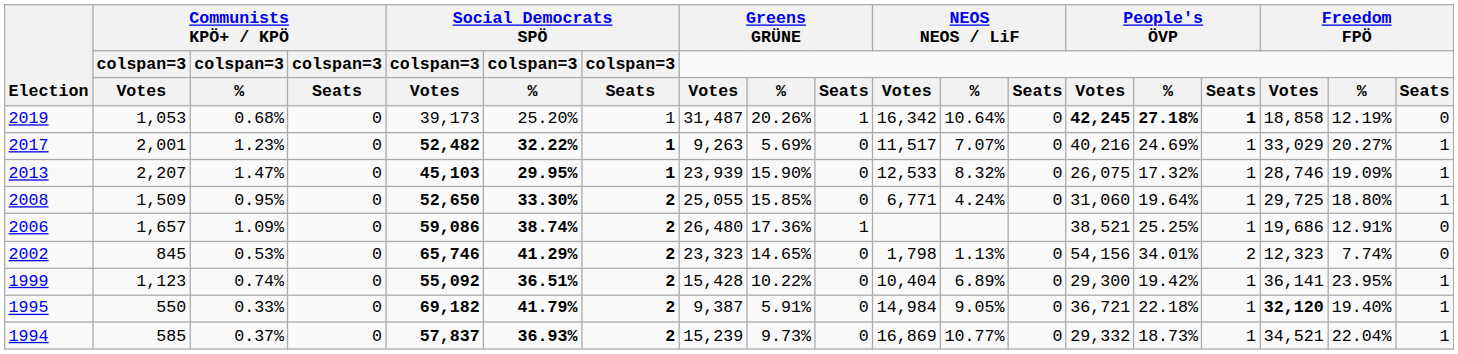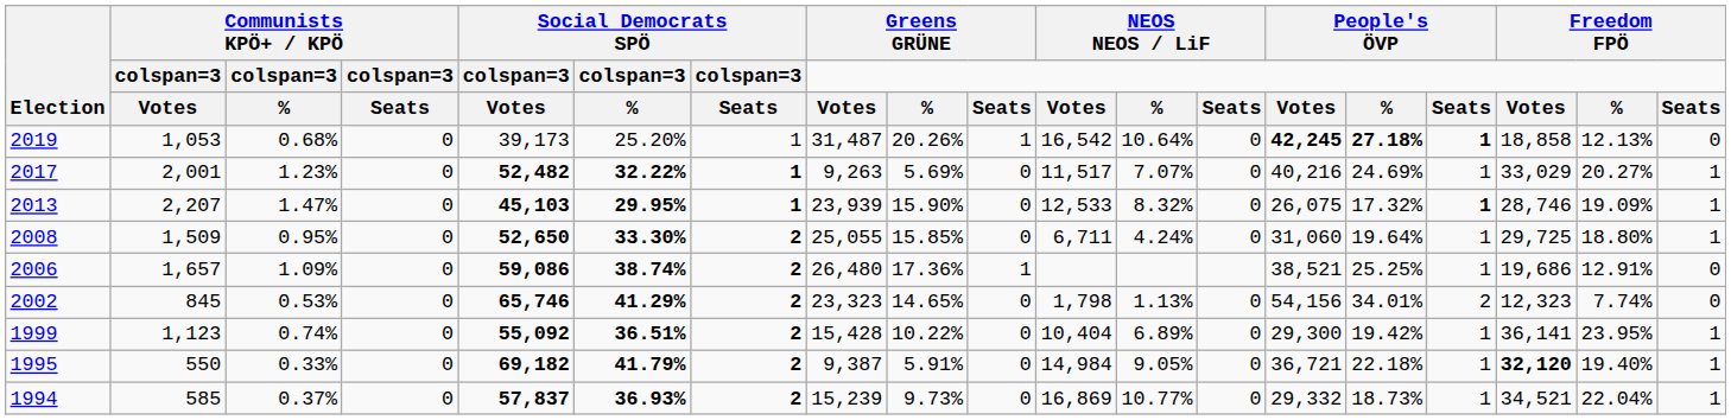 <table class="wikitable" border="1" style="font-size:100%; text-align:right;">
 <tr>
 <th style="text-align:left;" valign=bottom rowspan=3>Election</th>
 <th valign=bottom colspan=3><a href='#'>Communists</a><br>KPÖ+ / KPÖ</th>
 <th valign=bottom colspan=3><a href='#'>Social Democrats</a><br>SPÖ</th>
 <th valign=bottom colspan=3><a href='#'>Greens</a><br>GRÜNE</th>
 <th valign=bottom colspan=3><a href='#'>NEOS</a><br>NEOS / LiF</th>
 <th valign=bottom colspan=3><a href='#'>People's</a><br>ÖVP</th>
 <th valign=bottom colspan=3><a href='#'>Freedom</a><br>FPÖ</th>
 </tr>
 <tr>
 <th>colspan=3 </th>
 <th>colspan=3 </th>
 <th>colspan=3 </th>
 <th>colspan=3 </th>
 <th>colspan=3 </th>
 <th>colspan=3 </th>
 </tr>
 <tr>
 <th>Votes</th>
 <th>%</th>
 <th>Seats</th>
 <th>Votes</th>
 <th>%</th>
 <th>Seats</th>
 <th>Votes</th>
 <th>%</th>
 <th>Seats</th>
 <th>Votes</th>
 <th>%</th>
 <th>Seats</th>
 <th>Votes</th>
 <th>%</th>
 <th>Seats</th>
 <th>Votes</th>
 <th>%</th>
 <th>Seats</th>
 </tr>
 <tr>
 <td align=left><a href='#'>2019</a></td>
 <td>1,053</td>
 <td>0.68%</td>
 <td>0</td>
 <td>39,173</td>
 <td>25.20%</td>
 <td>1</td>
 <td>31,487</td>
 <td>20.26%</td>
 <td>1</td>
-<td>16,342</td>
+<td>16,542</td>
 <td>10.64%</td>
 <td>0</td>
 <td><strong>42,245</strong></td>
 <td><strong>27.18%</strong></td>
 <td><strong>1</strong></td>
 <td>18,858</td>
-<td>12.19%</td>
+<td>12.13%</td>
 <td>0</td>
 </tr>
 <tr>
 <td align=left><a href='#'>2017</a></td>
 <td>2,001</td>
 <td>1.23%</td>
 <td>0</td>
 <td><strong>52,482</strong></td>
 <td><strong>32.22%</strong></td>
 <td><strong>1</strong></td>
 <td>9,263</td>
 <td>5.69%</td>
 <td>0</td>
 <td>11,517</td>
 <td>7.07%</td>
 <td>0</td>
 <td>40,216</td>
 <td>24.69%</td>
 <td>1</td>
 <td>33,029</td>
 <td>20.27%</td>
 <td>1</td>
 </tr>
 <tr>
 <td align=left><a href='#'>2013</a></td>
 <td>2,207</td>
 <td>1.47%</td>
 <td>0</td>
 <td><strong>45,103</strong></td>
 <td><strong>29.95%</strong></td>
 <td><strong>1</strong></td>
 <td>23,939</td>
 <td>15.90%</td>
 <td>0</td>
 <td>12,533</td>
 <td>8.32%</td>
 <td>0</td>
 <td>26,075</td>
 <td>17.32%</td>
-<td>1</td>
+<td><strong>1</strong></td>
 <td>28,746</td>
 <td>19.09%</td>
 <td>1</td>
 </tr>
 <tr>
 <td align=left><a href='#'>2008</a></td>
 <td>1,509</td>
 <td>0.95%</td>
 <td>0</td>
 <td><strong>52,650</strong></td>
 <td><strong>33.30%</strong></td>
 <td><strong>2</strong></td>
 <td>25,055</td>
 <td>15.85%</td>
 <td>0</td>
-<td>6,771</td>
+<td>6,711</td>
 <td>4.24%</td>
 <td>0</td>
 <td>31,060</td>
 <td>19.64%</td>
 <td>1</td>
 <td>29,725</td>
 <td>18.80%</td>
 <td>1</td>
 </tr>
 <tr>
 <td align=left><a href='#'>2006</a></td>
 <td>1,657</td>
 <td>1.09%</td>
 <td>0</td>
 <td><strong>59,086</strong></td>
 <td><strong>38.74%</strong></td>
 <td><strong>2</strong></td>
 <td>26,480</td>
 <td>17.36%</td>
 <td>1</td>
 <td></td>
 <td></td>
 <td></td>
 <td>38,521</td>
 <td>25.25%</td>
 <td>1</td>
 <td>19,686</td>
 <td>12.91%</td>
 <td>0</td>
 </tr>
 <tr>
 <td align=left><a href='#'>2002</a></td>
 <td>845</td>
 <td>0.53%</td>
 <td>0</td>
 <td><strong>65,746</strong></td>
 <td><strong>41.29%</strong></td>
 <td><strong>2</strong></td>
 <td>23,323</td>
 <td>14.65%</td>
 <td>0</td>
 <td>1,798</td>
 <td>1.13%</td>
 <td>0</td>
 <td>54,156</td>
 <td>34.01%</td>
 <td>2</td>
 <td>12,323</td>
 <td>7.74%</td>
 <td>0</td>
 </tr>
 <tr>
 <td align=left><a href='#'>1999</a></td>
 <td>1,123</td>
 <td>0.74%</td>
 <td>0</td>
 <td><strong>55,092</strong></td>
 <td><strong>36.51%</strong></td>
 <td><strong>2</strong></td>
 <td>15,428</td>
 <td>10.22%</td>
 <td>0</td>
 <td>10,404</td>
 <td>6.89%</td>
 <td>0</td>
 <td>29,300</td>
 <td>19.42%</td>
 <td>1</td>
 <td>36,141</td>
 <td>23.95%</td>
 <td>1</td>
 </tr>
 <tr>
 <td align=left><a href='#'>1995</a></td>
 <td>550</td>
 <td>0.33%</td>
 <td>0</td>
 <td><strong>69,182</strong></td>
 <td><strong>41.79%</strong></td>
 <td><strong>2</strong></td>
 <td>9,387</td>
 <td>5.91%</td>
 <td>0</td>
 <td>14,984</td>
 <td>9.05%</td>
 <td>0</td>
 <td>36,721</td>
 <td>22.18%</td>
 <td>1</td>
 <td><strong>32,120</strong></td>
 <td>19.40%</td>
 <td>1</td>
 </tr>
 <tr>
 <td align=left><a href='#'>1994</a></td>
 <td>585</td>
 <td>0.37%</td>
 <td>0</td>
 <td><strong>57,837</strong></td>
 <td><strong>36.93%</strong></td>
 <td><strong>2</strong></td>
 <td>15,239</td>
 <td>9.73%</td>
 <td>0</td>
 <td>16,869</td>
 <td>10.77%</td>
 <td>0</td>
 <td>29,332</td>
 <td>18.73%</td>
 <td>1</td>
 <td>34,521</td>
 <td>22.04%</td>
 <td>1</td>
 </tr>
 </table>
